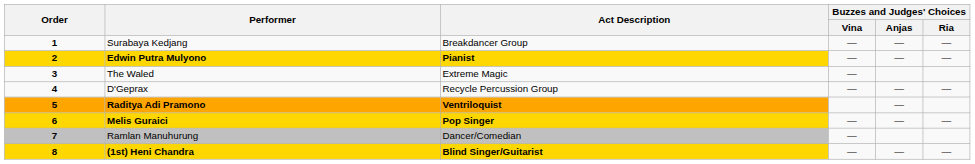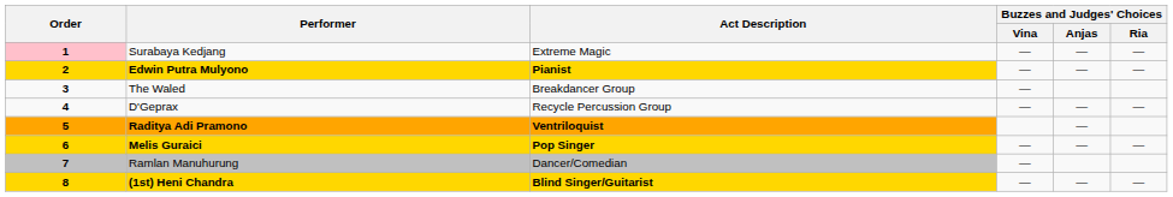 <table class="wikitable" style="width:100%;">
 <tr>
 <th rowspan=2>Order</th>
 <th rowspan=2>Performer</th>
 <th rowspan=2>Act Description</th>
 <th colspan=3>Buzzes and Judges' Choices</th>
 </tr>
 <tr>
 <th width="70">Vina</th>
 <th width="70">Anjas</th>
 <th width="70">Ria</th>
 </tr>
 <tr>
-<td align="center"><strong>1</strong></td>
+<td align="center" style="background: pink;"><strong>1</strong></td>
 <td>Surabaya Kedjang</td>
-<td>Breakdancer Group</td>
+<td>Extreme Magic</td>
 <td align="center">—</td>
 <td align="center">—</td>
 <td align="center">—</td>
 </tr>
 <tr>
 <td style="background:gold;" align="center"><strong>2</strong></td>
 <td style="background:gold;"><strong>Edwin Putra Mulyono</strong></td>
 <td style="background:gold;"><strong>Pianist</strong></td>
 <td align="center">—</td>
 <td align="center">—</td>
 <td align="center">—</td>
 </tr>
 <tr>
 <td align="center"><strong>3</strong></td>
 <td>The Waled</td>
-<td>Extreme Magic</td>
+<td>Breakdancer Group</td>
 <td align="center">—</td>
 <td style="text-align:center;"></td>
 <td style="text-align:center;"></td>
 </tr>
 <tr>
 <td align="center"><strong>4</strong></td>
 <td>D'Geprax</td>
 <td>Recycle Percussion Group</td>
 <td align="center">—</td>
 <td align="center">—</td>
 <td align="center">—</td>
 </tr>
 <tr>
 <td style="background:orange;" align="center"><strong>5</strong></td>
 <td style="background:orange;"><strong>Raditya Adi Pramono</strong></td>
 <td style="background:orange;"><strong>Ventriloquist</strong></td>
 <td style="text-align:center;"></td>
 <td align="center">—</td>
 <td style="text-align:center;"></td>
 </tr>
 <tr>
 <th style="background:gold;">6</th>
 <td style="background:gold;"><strong>Melis Guraici</strong></td>
 <td style="background:gold;"><strong>Pop Singer</strong></td>
 <td align="center">—</td>
 <td align="center">—</td>
 <td align="center">—</td>
 </tr>
 <tr>
 <th style="background:silver;">7</th>
 <td style="background:silver;">Ramlan Manuhurung</td>
 <td style="background:silver;">Dancer/Comedian</td>
 <td align="center">—</td>
 <td style="text-align:center;"></td>
 <td style="text-align:center;"></td>
 </tr>
 <tr>
 <th style="background:gold;">8</th>
 <td style="background:gold;"><strong>(1st) Heni Chandra</strong></td>
 <td style="background:gold;"><strong>Blind Singer/Guitarist</strong></td>
 <td align="center">—</td>
 <td align="center">—</td>
 <td align="center">—</td>
 </tr>
 </table>
